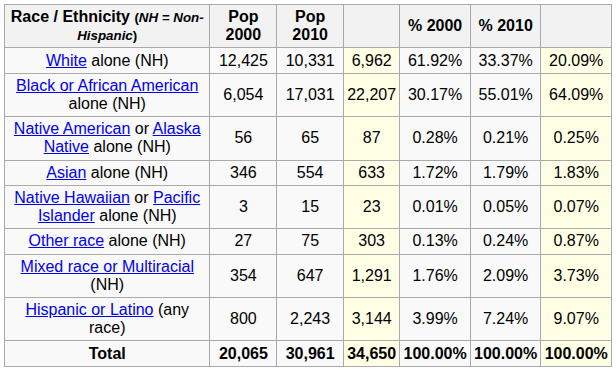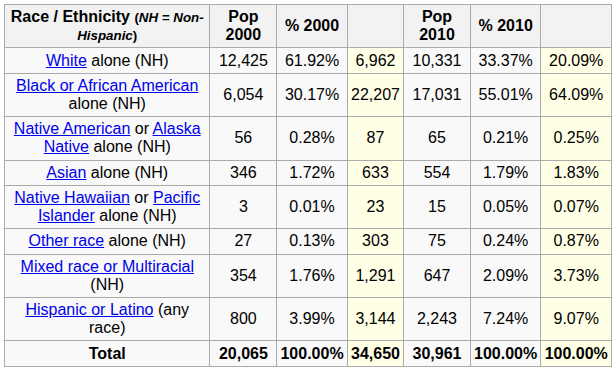 <table class="wikitable" style="text-align:center;">
 <tr>
 <th>Race / Ethnicity <small>(<em>NH = Non-Hispanic</em>)</small></th>
 <th>Pop 2000</th>
+<th>% 2000</th>
+<th></th>
 <th>Pop 2010</th>
-<th></th>
-<th>% 2000</th>
 <th>% 2010</th>
 <th></th>
 </tr>
 <tr>
 <td><a href='#'>White</a> alone (NH)</td>
 <td>12,425</td>
+<td>61.92%</td>
+<td style='background: #ffffe6;'>6,962</td>
 <td>10,331</td>
-<td style='background: #ffffe6;'>6,962</td>
-<td>61.92%</td>
 <td>33.37%</td>
 <td style='background: #ffffe6;'>20.09%</td>
 </tr>
 <tr>
 <td><a href='#'>Black or African American</a> alone (NH)</td>
 <td>6,054</td>
+<td>30.17%</td>
+<td style='background: #ffffe6;'>22,207</td>
 <td>17,031</td>
-<td style='background: #ffffe6;'>22,207</td>
-<td>30.17%</td>
 <td>55.01%</td>
 <td style='background: #ffffe6;'>64.09%</td>
 </tr>
 <tr>
 <td><a href='#'>Native American</a> or <a href='#'>Alaska Native</a> alone (NH)</td>
 <td>56</td>
+<td>0.28%</td>
+<td style='background: #ffffe6;'>87</td>
 <td>65</td>
-<td style='background: #ffffe6;'>87</td>
-<td>0.28%</td>
 <td>0.21%</td>
 <td style='background: #ffffe6;'>0.25%</td>
 </tr>
 <tr>
 <td><a href='#'>Asian</a> alone (NH)</td>
 <td>346</td>
+<td>1.72%</td>
+<td style='background: #ffffe6;'>633</td>
 <td>554</td>
-<td style='background: #ffffe6;'>633</td>
-<td>1.72%</td>
 <td>1.79%</td>
 <td style='background: #ffffe6;'>1.83%</td>
 </tr>
 <tr>
 <td><a href='#'>Native Hawaiian</a> or <a href='#'>Pacific Islander</a> alone (NH)</td>
 <td>3</td>
+<td>0.01%</td>
+<td style='background: #ffffe6;'>23</td>
 <td>15</td>
-<td style='background: #ffffe6;'>23</td>
-<td>0.01%</td>
 <td>0.05%</td>
 <td style='background: #ffffe6;'>0.07%</td>
 </tr>
 <tr>
 <td><a href='#'>Other race</a> alone (NH)</td>
 <td>27</td>
+<td>0.13%</td>
+<td style='background: #ffffe6;'>303</td>
 <td>75</td>
-<td style='background: #ffffe6;'>303</td>
-<td>0.13%</td>
 <td>0.24%</td>
 <td style='background: #ffffe6;'>0.87%</td>
 </tr>
 <tr>
 <td><a href='#'>Mixed race or Multiracial</a> (NH)</td>
 <td>354</td>
+<td>1.76%</td>
+<td style='background: #ffffe6;'>1,291</td>
 <td>647</td>
-<td style='background: #ffffe6;'>1,291</td>
-<td>1.76%</td>
 <td>2.09%</td>
 <td style='background: #ffffe6;'>3.73%</td>
 </tr>
 <tr>
 <td><a href='#'>Hispanic or Latino</a> (any race)</td>
 <td>800</td>
+<td>3.99%</td>
+<td style='background: #ffffe6;'>3,144</td>
 <td>2,243</td>
-<td style='background: #ffffe6;'>3,144</td>
-<td>3.99%</td>
 <td>7.24%</td>
 <td style='background: #ffffe6;'>9.07%</td>
 </tr>
 <tr>
 <td><strong>Total</strong></td>
 <td><strong>20,065</strong></td>
+<td><strong>100.00%</strong></td>
+<td style='background: #ffffe6;'><strong>34,650</strong></td>
 <td><strong>30,961</strong></td>
-<td style='background: #ffffe6;'><strong>34,650</strong></td>
-<td><strong>100.00%</strong></td>
 <td><strong>100.00%</strong></td>
 <td style='background: #ffffe6;'><strong>100.00%</strong></td>
 </tr>
 </table>
